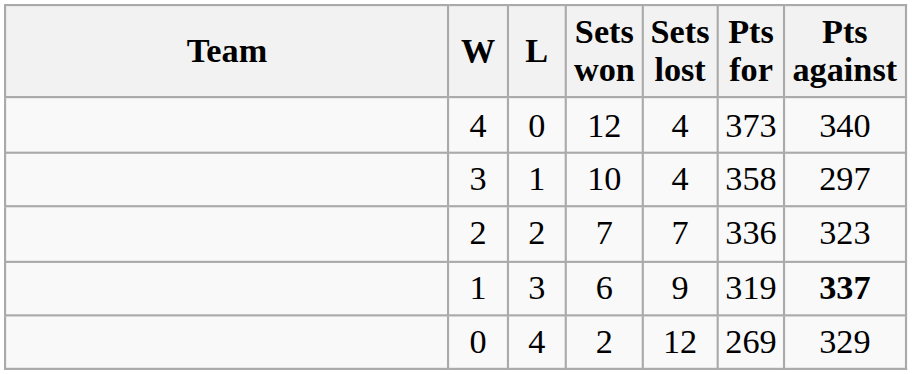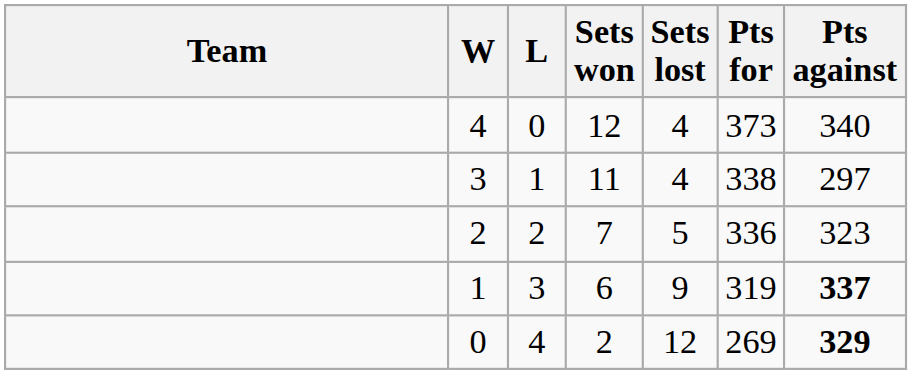 <table class="wikitable" style="text-align:center">
 <tr>
 <th width=200>Team</th>
 <th width=20>W</th>
 <th width=20>L</th>
 <th width=20>Sets won</th>
 <th width=20>Sets lost</th>
 <th width=20>Pts for</th>
 <th width=20>Pts against</th>
 </tr>
 <tr>
 <td style="text-align:left;"></td>
 <td>4</td>
 <td>0</td>
 <td>12</td>
 <td>4</td>
 <td>373</td>
 <td>340</td>
 </tr>
 <tr>
 <td style="text-align:left;"></td>
 <td>3</td>
 <td>1</td>
-<td>10</td>
+<td>11</td>
 <td>4</td>
-<td>358</td>
+<td>338</td>
 <td>297</td>
 </tr>
 <tr>
 <td style="text-align:left;"></td>
 <td>2</td>
 <td>2</td>
 <td>7</td>
-<td>7</td>
+<td>5</td>
 <td>336</td>
 <td>323</td>
 </tr>
 <tr>
 <td style="text-align:left;"></td>
 <td>1</td>
 <td>3</td>
 <td>6</td>
 <td>9</td>
 <td>319</td>
 <td><strong>337</strong></td>
 </tr>
 <tr>
 <td style="text-align:left;"></td>
 <td>0</td>
 <td>4</td>
 <td>2</td>
 <td>12</td>
 <td>269</td>
-<td>329</td>
+<td><strong>329</strong></td>
 </tr>
 </table>
